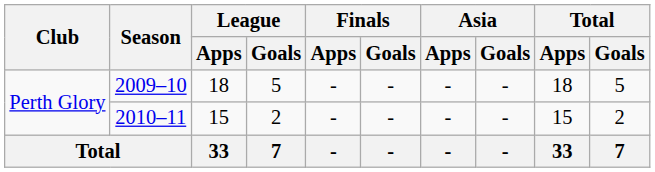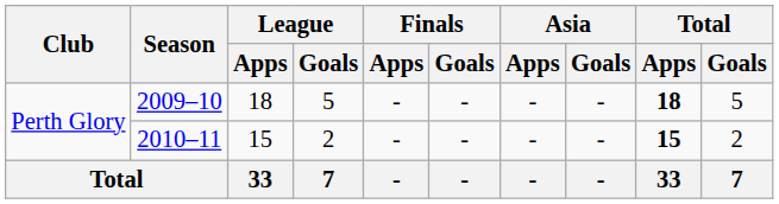 <table class="wikitable" style="text-align: center;">
 <tr>
 <th rowspan="2">Club</th>
 <th rowspan="2">Season</th>
 <th colspan="2">League</th>
 <th colspan="2">Finals</th>
 <th colspan="2">Asia</th>
 <th colspan="2">Total</th>
 </tr>
 <tr>
 <th>Apps</th>
 <th>Goals</th>
 <th>Apps</th>
 <th>Goals</th>
 <th>Apps</th>
 <th>Goals</th>
 <th>Apps</th>
 <th>Goals</th>
 </tr>
 <tr>
 <td rowspan="2"><a href='#'>Perth Glory</a></td>
 <td><a href='#'>2009–10</a></td>
 <td>18</td>
 <td>5</td>
 <td>-</td>
 <td>-</td>
 <td>-</td>
 <td>-</td>
-<td>18</td>
+<td><strong>18</strong></td>
 <td>5</td>
 </tr>
 <tr>
 <td><a href='#'>2010–11</a></td>
 <td>15</td>
 <td>2</td>
 <td>-</td>
 <td>-</td>
 <td>-</td>
 <td>-</td>
-<td>15</td>
+<td><strong>15</strong></td>
 <td>2</td>
 </tr>
 <tr>
 <th colspan="2">Total</th>
 <th>33</th>
 <th>7</th>
 <th>-</th>
 <th>-</th>
 <th>-</th>
 <th>-</th>
 <th>33</th>
 <th>7</th>
 </tr>
 </table>
